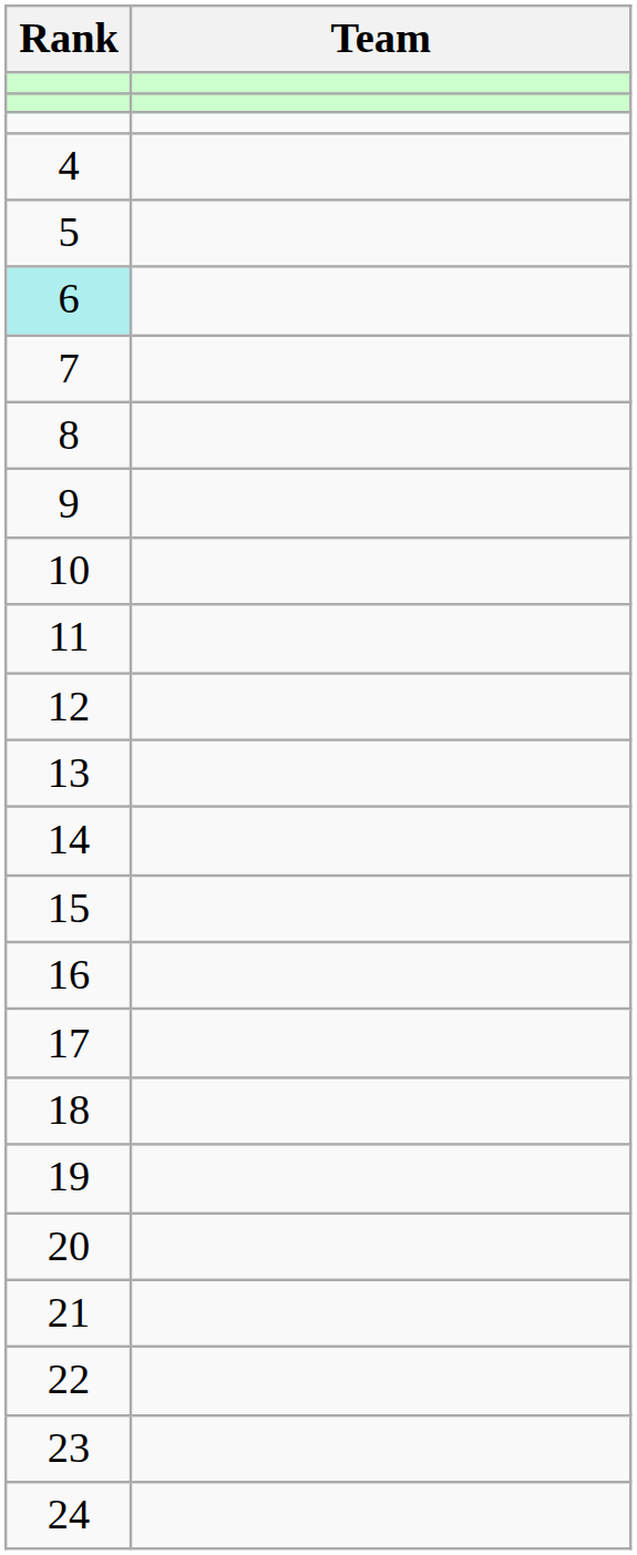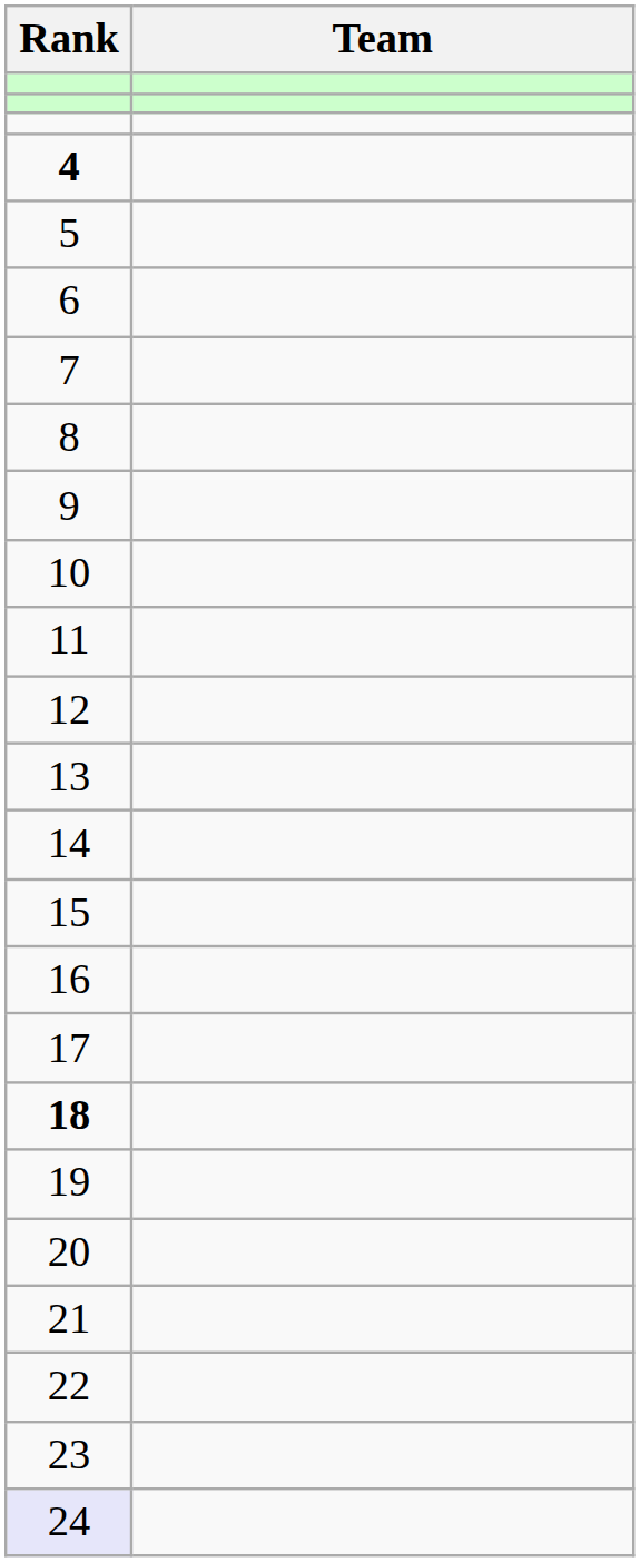 <table class="wikitable" style="text-align:center">
 <tr>
 <th width=40>Rank</th>
 <th width=180>Team</th>
 </tr>
 <tr bgcolor=#ccffcc>
 <td></td>
 <td style="text-align:left"></td>
 </tr>
 <tr bgcolor=#ccffcc>
 <td></td>
 <td style="text-align:left"></td>
 </tr>
 <tr>
 <td></td>
 <td style="text-align:left"></td>
 </tr>
 <tr>
-<td>4</td>
+<td><strong>4</strong></td>
 <td style="text-align:left"></td>
 </tr>
 <tr>
 <td>5</td>
 <td style="text-align:left"></td>
 </tr>
 <tr>
-<td style="background: paleturquoise;">6</td>
+<td>6</td>
 <td style="text-align:left"></td>
 </tr>
 <tr>
 <td>7</td>
 <td style="text-align:left"></td>
 </tr>
 <tr>
 <td>8</td>
 <td style="text-align:left"></td>
 </tr>
 <tr>
 <td>9</td>
 <td style="text-align:left"></td>
 </tr>
 <tr>
 <td>10</td>
 <td style="text-align:left"></td>
 </tr>
 <tr>
 <td>11</td>
 <td style="text-align:left"></td>
 </tr>
 <tr>
 <td>12</td>
 <td style="text-align:left"></td>
 </tr>
 <tr>
 <td>13</td>
 <td style="text-align:left"></td>
 </tr>
 <tr>
 <td>14</td>
 <td style="text-align:left"></td>
 </tr>
 <tr>
 <td>15</td>
 <td style="text-align:left"></td>
 </tr>
 <tr>
 <td>16</td>
 <td style="text-align:left"></td>
 </tr>
 <tr>
 <td>17</td>
 <td style="text-align:left"></td>
 </tr>
 <tr>
-<td>18</td>
+<td><strong>18</strong></td>
 <td style="text-align:left"></td>
 </tr>
 <tr>
 <td>19</td>
 <td style="text-align:left"></td>
 </tr>
 <tr>
 <td>20</td>
 <td style="text-align:left"></td>
 </tr>
 <tr>
 <td>21</td>
 <td style="text-align:left"></td>
 </tr>
 <tr>
 <td>22</td>
 <td style="text-align:left"></td>
 </tr>
 <tr>
 <td>23</td>
 <td style="text-align:left"></td>
 </tr>
 <tr>
-<td>24</td>
+<td style="background: lavender;">24</td>
 <td style="text-align:left"></td>
 </tr>
 </table>
